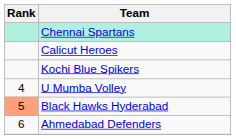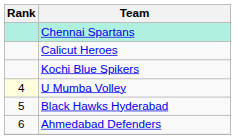 <table class="wikitable" style="white-space: nowrap;">
 <tr>
 <th width=15%>Rank</th>
 <th>Team</th>
 </tr>
 <tr bgcolor=#B0F0E0>
 <td style="text-align:center;"></td>
 <td><a href='#'>Chennai Spartans</a></td>
 </tr>
 <tr>
 <td style="text-align:center;"></td>
 <td><a href='#'>Calicut Heroes</a></td>
 </tr>
 <tr>
 <td style="text-align:center;"></td>
 <td><a href='#'>Kochi Blue Spikers</a></td>
 </tr>
 <tr>
-<td style="text-align:center;">4</td>
+<td style="background: lightyellow; text-align:center;">4</td>
 <td><a href='#'>U Mumba Volley</a></td>
 </tr>
 <tr>
-<td style="background: lightsalmon; text-align:center;">5</td>
+<td style="text-align:center;">5</td>
 <td><a href='#'>Black Hawks Hyderabad</a></td>
 </tr>
 <tr>
 <td style="text-align:center;">6</td>
 <td><a href='#'>Ahmedabad Defenders</a></td>
 </tr>
 <tr>
 </tr>
 </table>
